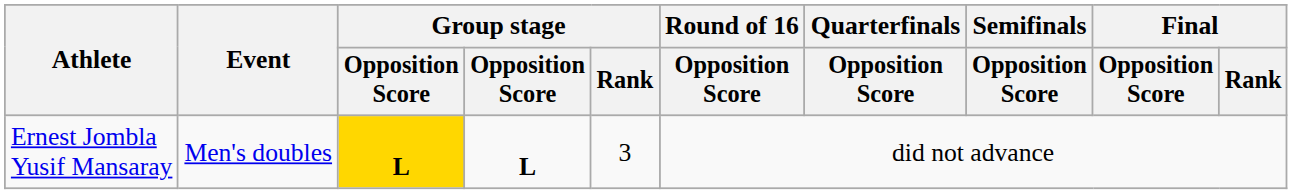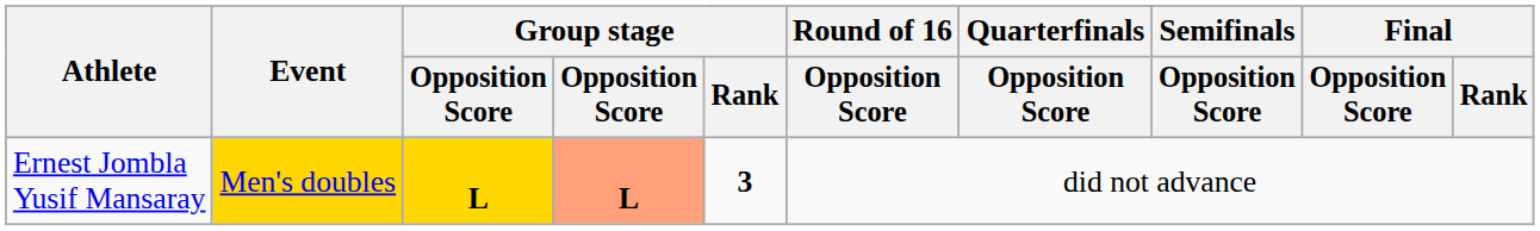 <table class=wikitable style="font-size:90%">
 <tr>
 <th rowspan=2>Athlete</th>
 <th rowspan=2>Event</th>
 <th colspan=3>Group stage</th>
 <th>Round of 16</th>
 <th>Quarterfinals</th>
 <th>Semifinals</th>
 <th colspan=2>Final</th>
 </tr>
 <tr style="font-size:95%">
 <th>Opposition<br>Score</th>
 <th>Opposition<br>Score</th>
 <th>Rank</th>
 <th>Opposition<br>Score</th>
 <th>Opposition<br>Score</th>
 <th>Opposition<br>Score</th>
 <th>Opposition<br>Score</th>
 <th>Rank</th>
 </tr>
 <tr align=center>
 <td align=left><a href='#'>Ernest Jombla</a><br><a href='#'>Yusif Mansaray</a></td>
-<td align=left><a href='#'>Men's doubles</a></td>
+<td align=left style="background: gold;"><a href='#'>Men's doubles</a></td>
 <td style="background: gold;"><br><strong>L</strong> </td>
-<td><br><strong>L</strong> </td>
-<td>3</td>
+<td style="background: lightsalmon;"><br><strong>L</strong> </td>
+<td><strong>3</strong></td>
 <td colspan=5>did not advance</td>
 </tr>
 </table>
